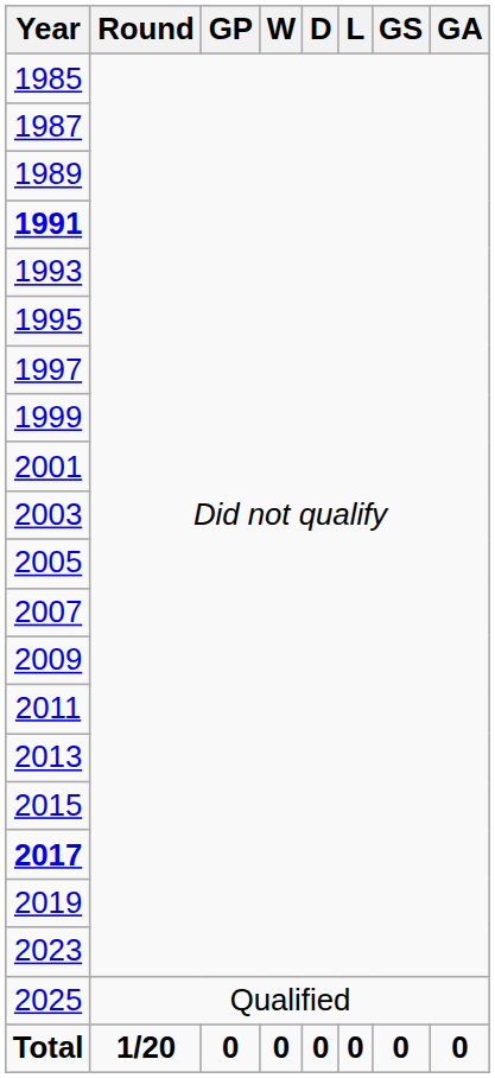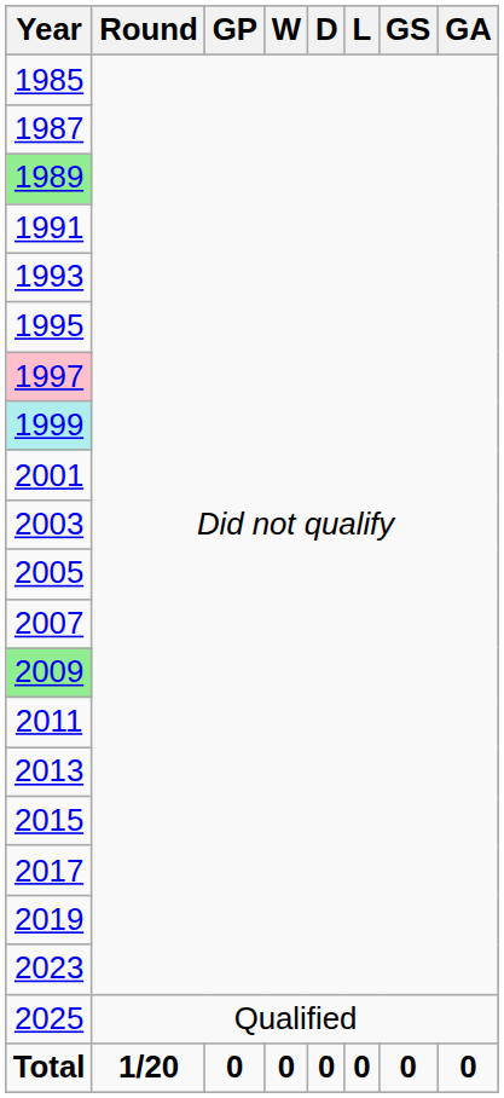 <table class="wikitable" style="text-align: center;">
 <tr>
 <th>Year</th>
 <th>Round</th>
 <th>GP</th>
 <th>W</th>
 <th>D</th>
 <th>L</th>
 <th>GS</th>
 <th>GA</th>
 </tr>
 <tr>
 <td> <a href='#'>1985</a></td>
 <td colspan="8" rowspan="19"><em>Did not qualify</em></td>
 </tr>
 <tr>
 <td> <a href='#'>1987</a></td>
 </tr>
 <tr>
-<td> <a href='#'>1989</a></td>
+<td style="background: lightgreen;"> <a href='#'>1989</a></td>
 </tr>
 <tr>
-<td><strong> <a href='#'>1991</a></strong></td>
+<td> <a href='#'>1991</a></td>
 </tr>
 <tr>
 <td> <a href='#'>1993</a></td>
 </tr>
 <tr>
 <td> <a href='#'>1995</a></td>
 </tr>
 <tr>
-<td> <a href='#'>1997</a></td>
+<td style="background: pink;"> <a href='#'>1997</a></td>
 </tr>
 <tr>
-<td> <a href='#'>1999</a></td>
+<td style="background: paleturquoise;"> <a href='#'>1999</a></td>
 </tr>
 <tr>
 <td> <a href='#'>2001</a></td>
 </tr>
 <tr>
 <td> <a href='#'>2003</a></td>
 </tr>
 <tr>
 <td> <a href='#'>2005</a></td>
 </tr>
 <tr>
 <td> <a href='#'>2007</a></td>
 </tr>
 <tr>
-<td> <a href='#'>2009</a></td>
+<td style="background: lightgreen;"> <a href='#'>2009</a></td>
 </tr>
 <tr>
 <td> <a href='#'>2011</a></td>
 </tr>
 <tr>
 <td> <a href='#'>2013</a></td>
 </tr>
 <tr>
 <td> <a href='#'>2015</a></td>
 </tr>
 <tr>
-<td><strong> <a href='#'>2017</a></strong></td>
+<td> <a href='#'>2017</a></td>
 </tr>
 <tr>
 <td> <a href='#'>2019</a></td>
 </tr>
 <tr>
 <td> <a href='#'>2023</a></td>
 </tr>
 <tr>
 <td> <a href='#'>2025</a></td>
 <td colspan="8">Qualified</td>
 </tr>
 <tr>
 <td><strong>Total</strong></td>
 <td><strong>1/20</strong></td>
 <td><strong>0</strong></td>
 <td><strong>0</strong></td>
 <td><strong>0</strong></td>
 <td><strong>0</strong></td>
 <td><strong>0</strong></td>
 <td><strong>0</strong></td>
 </tr>
 </table>
